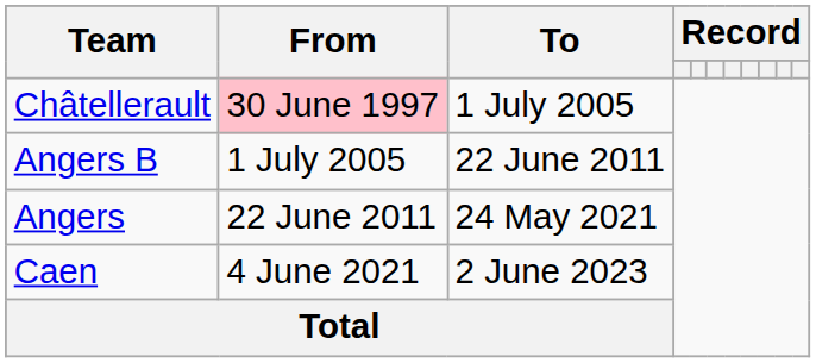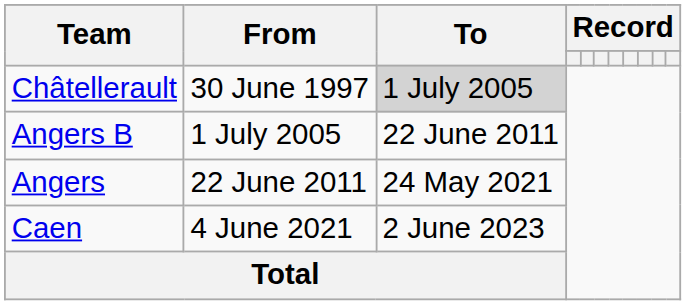 <table class="wikitable" style="text-align: center">
 <tr>
 <th rowspan=2>Team</th>
 <th rowspan=2>From</th>
 <th rowspan=2>To</th>
 <th colspan=8>Record</th>
 </tr>
 <tr>
 <th></th>
 <th></th>
 <th></th>
 <th></th>
 <th></th>
 <th></th>
 <th></th>
 <th></th>
 </tr>
 <tr>
 <td align=left><a href='#'>Châtellerault</a></td>
-<td align=left style="background: pink;">30 June 1997</td>
-<td align=left>1 July 2005<br></td>
+<td align=left>30 June 1997</td>
+<td align=left style="background: lightgrey;">1 July 2005<br></td>
 </tr>
 <tr>
 <td align=left><a href='#'>Angers B</a></td>
 <td align=left>1 July 2005</td>
 <td align=left>22 June 2011<br></td>
 </tr>
 <tr>
 <td align=left><a href='#'>Angers</a></td>
 <td align=left>22 June 2011</td>
 <td align=left>24 May 2021<br></td>
 </tr>
 <tr>
 <td align=left><a href='#'>Caen</a></td>
 <td align=left>4 June 2021</td>
 <td align=left>2 June 2023<br></td>
 </tr>
 <tr>
 <th colspan=3>Total<br></th>
 </tr>
 </table>
